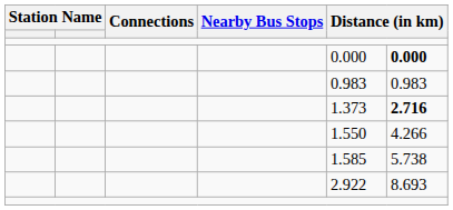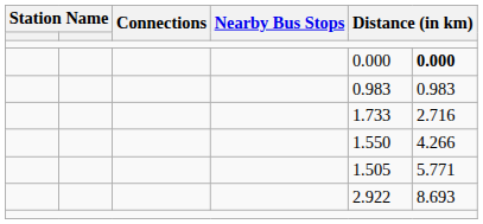 <table class="wikitable">
 <tr>
 <th colspan="2">Station Name</th>
 <th rowspan="2">Connections</th>
 <th rowspan="2"><a href='#'>Nearby Bus Stops</a></th>
 <th colspan="2" rowspan="2">Distance (in km)</th>
 </tr>
 <tr>
 <th></th>
 <th></th>
 </tr>
 <tr style="background:#">
 <td colspan="8"></td>
 </tr>
 <tr>
 <td></td>
 <td></td>
 <td></td>
 <td></td>
 <td>0.000</td>
 <td><strong>0.000</strong></td>
 </tr>
 <tr>
 <td></td>
 <td></td>
 <td></td>
 <td></td>
 <td>0.983</td>
 <td>0.983</td>
 </tr>
 <tr>
 <td></td>
 <td></td>
 <td></td>
 <td></td>
-<td>1.373</td>
-<td><strong>2.716</strong></td>
+<td>1.733</td>
+<td>2.716</td>
 </tr>
 <tr>
 <td></td>
 <td></td>
 <td></td>
 <td></td>
 <td>1.550</td>
 <td>4.266</td>
 </tr>
 <tr>
 <td></td>
 <td></td>
 <td></td>
 <td></td>
-<td>1.585</td>
-<td>5.738</td>
+<td>1.505</td>
+<td>5.771</td>
 </tr>
 <tr>
 <td></td>
 <td></td>
 <td></td>
 <td></td>
 <td>2.922</td>
 <td>8.693</td>
 </tr>
 <tr style="background:#">
 <td colspan="8"></td>
 </tr>
 </table>
